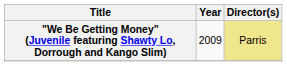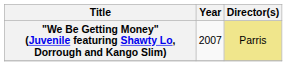 <table class="wikitable plainrowheaders" style="text-align:center;">
 <tr>
 <th scope="col" style="width:18em;">Title</th>
 <th scope="col">Year</th>
 <th scope="col">Director(s)</th>
 </tr>
 <tr>
 <th scope="row">"We Be Getting Money"<br><span>(<a href='#'>Juvenile</a> featuring <a href='#'>Shawty Lo</a>, Dorrough and Kango Slim)</span></th>
-<td>2009</td>
+<td>2007</td>
 <td style="background: khaki;">Parris</td>
 </tr>
 <tr>
 </tr>
 </table>
